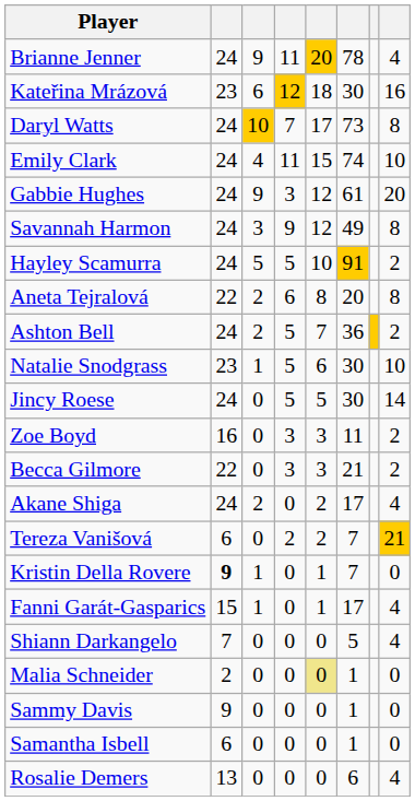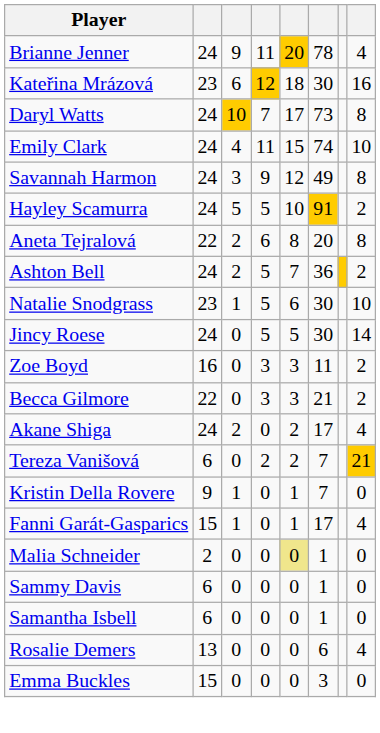 <table class="wikitable sortable" style="text-align:center;">
 <tr>
 <th>Player</th>
 <th></th>
 <th></th>
 <th></th>
 <th></th>
 <th></th>
 <th data-sort-type="number"></th>
 <th></th>
 </tr>
 <tr>
 <td style="text-align:left;"><a href='#'>Brianne Jenner</a></td>
 <td>24</td>
 <td>9</td>
 <td>11</td>
 <td style="background:#fc0;">20</td>
 <td>78</td>
 <td></td>
 <td>4</td>
 </tr>
 <tr>
 <td style="text-align:left;"><a href='#'>Kateřina Mrázová</a></td>
 <td>23</td>
 <td>6</td>
 <td style="background:#fc0;">12</td>
 <td>18</td>
 <td>30</td>
 <td></td>
 <td>16</td>
 </tr>
 <tr>
 <td style="text-align:left;"><a href='#'>Daryl Watts</a></td>
 <td>24</td>
 <td style="background:#fc0;">10</td>
 <td>7</td>
 <td>17</td>
 <td>73</td>
 <td></td>
 <td>8</td>
 </tr>
 <tr>
 <td style="text-align:left;"><a href='#'>Emily Clark</a></td>
 <td>24</td>
 <td>4</td>
 <td>11</td>
 <td>15</td>
 <td>74</td>
 <td></td>
 <td>10</td>
-</tr>
-<tr>
-<td style="text-align:left;"><a href='#'>Gabbie Hughes</a></td>
-<td>24</td>
-<td>9</td>
-<td>3</td>
-<td>12</td>
-<td>61</td>
-<td></td>
-<td>20</td>
 </tr>
 <tr>
 <td style="text-align:left;"><a href='#'>Savannah Harmon</a></td>
 <td>24</td>
 <td>3</td>
 <td>9</td>
 <td>12</td>
 <td>49</td>
 <td></td>
 <td>8</td>
 </tr>
 <tr>
 <td style="text-align:left;"><a href='#'>Hayley Scamurra</a></td>
 <td>24</td>
 <td>5</td>
 <td>5</td>
 <td>10</td>
 <td style="background:#fc0;">91</td>
 <td></td>
 <td>2</td>
 </tr>
 <tr>
 <td style="text-align:left;"><a href='#'>Aneta Tejralová</a></td>
 <td>22</td>
 <td>2</td>
 <td>6</td>
 <td>8</td>
 <td>20</td>
 <td></td>
 <td>8</td>
 </tr>
 <tr>
 <td style="text-align:left;"><a href='#'>Ashton Bell</a></td>
 <td>24</td>
 <td>2</td>
 <td>5</td>
 <td>7</td>
 <td>36</td>
 <td style="background:#fc0;"></td>
 <td>2</td>
 </tr>
 <tr>
 <td style="text-align:left;"><a href='#'>Natalie Snodgrass</a></td>
 <td>23</td>
 <td>1</td>
 <td>5</td>
 <td>6</td>
 <td>30</td>
 <td></td>
 <td>10</td>
 </tr>
 <tr>
 <td style="text-align:left;"><a href='#'>Jincy Roese</a></td>
 <td>24</td>
 <td>0</td>
 <td>5</td>
 <td>5</td>
 <td>30</td>
 <td></td>
 <td>14</td>
 </tr>
 <tr>
 <td style="text-align:left;"><a href='#'>Zoe Boyd</a></td>
 <td>16</td>
 <td>0</td>
 <td>3</td>
 <td>3</td>
 <td>11</td>
 <td></td>
 <td>2</td>
 </tr>
 <tr>
 <td style="text-align:left;"><a href='#'>Becca Gilmore</a></td>
 <td>22</td>
 <td>0</td>
 <td>3</td>
 <td>3</td>
 <td>21</td>
 <td></td>
 <td>2</td>
 </tr>
 <tr>
 <td style="text-align:left;"><a href='#'>Akane Shiga</a></td>
 <td>24</td>
 <td>2</td>
 <td>0</td>
 <td>2</td>
 <td>17</td>
 <td></td>
 <td>4</td>
 </tr>
 <tr>
 <td style="text-align:left;"><a href='#'>Tereza Vanišová</a></td>
 <td>6</td>
 <td>0</td>
 <td>2</td>
 <td>2</td>
 <td>7</td>
 <td></td>
 <td style="background:#fc0;">21</td>
 </tr>
 <tr>
 <td style="text-align:left;"><a href='#'>Kristin Della Rovere</a></td>
-<td><strong>9</strong></td>
+<td>9</td>
 <td>1</td>
 <td>0</td>
 <td>1</td>
 <td>7</td>
 <td></td>
 <td>0</td>
 </tr>
 <tr>
 <td style="text-align:left;"><a href='#'>Fanni Garát-Gasparics</a></td>
 <td>15</td>
 <td>1</td>
 <td>0</td>
 <td>1</td>
 <td>17</td>
 <td></td>
 <td>4</td>
 </tr>
 <tr>
-<td style="text-align:left;"><a href='#'>Shiann Darkangelo</a></td>
-<td>7</td>
-<td>0</td>
-<td>0</td>
-<td>0</td>
-<td>5</td>
-<td></td>
-<td>4</td>
-</tr>
-<tr>
 <td style="text-align:left;"><a href='#'>Malia Schneider</a></td>
 <td>2</td>
 <td>0</td>
 <td>0</td>
 <td style="background: khaki;">0</td>
 <td>1</td>
 <td></td>
 <td>0</td>
 </tr>
 <tr>
 <td style="text-align:left;"><a href='#'>Sammy Davis</a></td>
-<td>9</td>
+<td>6</td>
 <td>0</td>
 <td>0</td>
 <td>0</td>
 <td>1</td>
 <td></td>
 <td>0</td>
 </tr>
 <tr>
 <td style="text-align:left;"><a href='#'>Samantha Isbell</a></td>
 <td>6</td>
 <td>0</td>
 <td>0</td>
 <td>0</td>
 <td>1</td>
 <td></td>
 <td>0</td>
 </tr>
 <tr>
 <td style="text-align:left;"><a href='#'>Rosalie Demers</a></td>
 <td>13</td>
 <td>0</td>
 <td>0</td>
 <td>0</td>
 <td>6</td>
 <td></td>
 <td>4</td>
 </tr>
+<tr>
+<td style="text-align:left;"><a href='#'>Emma Buckles</a></td>
+<td>15</td>
+<td>0</td>
+<td>0</td>
+<td>0</td>
+<td>3</td>
+<td></td>
+<td>0</td>
+</tr>
 </table>
